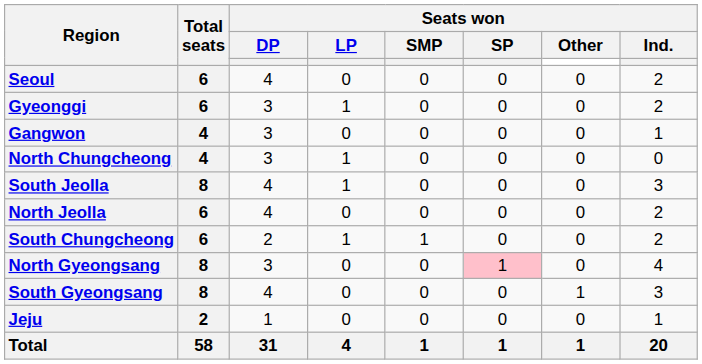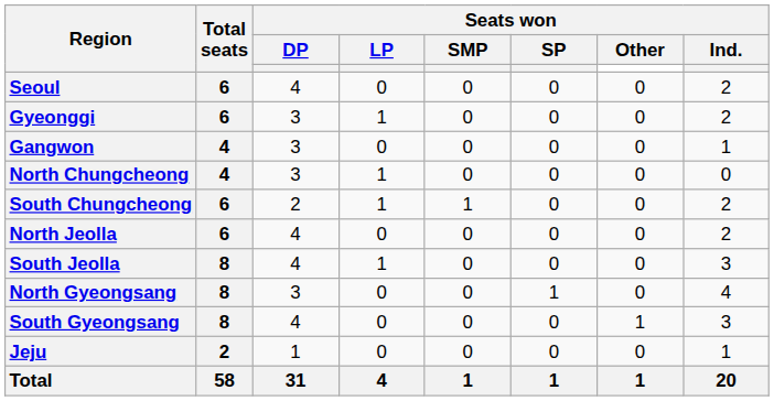 <table class="wikitable" style="text-align:center; font-size: 0.9em">
 <tr>
 <th rowspan="3">Region</th>
 <th rowspan="3">Total<br>seats</th>
 <th colspan="6">Seats won</th>
 </tr>
 <tr>
 <th class="unsortable" style="width:60px"><a href='#'>DP</a></th>
 <th class="unsortable" style="width:60px"><a href='#'>LP</a></th>
 <th class="unsortable" style="width:60px">SMP</th>
 <th class="unsortable" style="width:60px">SP</th>
 <th class="unsortable" style="width:60px">Other</th>
 <th class="unsortable" style="width:60px">Ind.</th>
 </tr>
 <tr>
 <th style="background:"></th>
 <th style="background:"></th>
 <th style="background:"></th>
 <th style="background:"></th>
 <th style="background:white"></th>
 <th style="background:"></th>
 </tr>
 <tr>
 <th style="text-align: left"><a href='#'>Seoul</a></th>
 <th>6</th>
 <td>4</td>
 <td>0</td>
 <td>0</td>
 <td>0</td>
 <td>0</td>
 <td>2</td>
 </tr>
 <tr>
 <th style="text-align: left"><a href='#'>Gyeonggi</a></th>
 <th>6</th>
 <td>3</td>
 <td>1</td>
 <td>0</td>
 <td>0</td>
 <td>0</td>
 <td>2</td>
 </tr>
 <tr>
 <th style="text-align: left"><a href='#'>Gangwon</a></th>
 <th>4</th>
 <td>3</td>
 <td>0</td>
 <td>0</td>
 <td>0</td>
 <td>0</td>
 <td>1</td>
 </tr>
 <tr>
 <th style="text-align: left"><a href='#'>North Chungcheong</a></th>
 <th>4</th>
 <td>3</td>
 <td>1</td>
 <td>0</td>
 <td>0</td>
 <td>0</td>
 <td>0</td>
 </tr>
 <tr>
-<th style="text-align: left"><a href='#'>South Jeolla</a></th>
-<th>8</th>
-<td>4</td>
+<th style="text-align: left"><a href='#'>South Chungcheong</a></th>
+<th>6</th>
+<td>2</td>
+<td>1</td>
 <td>1</td>
 <td>0</td>
 <td>0</td>
-<td>0</td>
-<td>3</td>
+<td>2</td>
 </tr>
 <tr>
 <th style="text-align: left"><a href='#'>North Jeolla</a></th>
 <th>6</th>
 <td>4</td>
 <td>0</td>
 <td>0</td>
 <td>0</td>
 <td>0</td>
 <td>2</td>
 </tr>
 <tr>
-<th style="text-align: left"><a href='#'>South Chungcheong</a></th>
-<th>6</th>
-<td>2</td>
-<td>1</td>
+<th style="text-align: left"><a href='#'>South Jeolla</a></th>
+<th>8</th>
+<td>4</td>
 <td>1</td>
 <td>0</td>
 <td>0</td>
-<td>2</td>
+<td>0</td>
+<td>3</td>
 </tr>
 <tr>
 <th style="text-align: left"><a href='#'>North Gyeongsang</a></th>
 <th>8</th>
 <td>3</td>
 <td>0</td>
 <td>0</td>
-<td style="background: pink;">1</td>
+<td>1</td>
 <td>0</td>
 <td>4</td>
 </tr>
 <tr>
 <th style="text-align: left"><a href='#'>South Gyeongsang</a></th>
 <th>8</th>
 <td>4</td>
 <td>0</td>
 <td>0</td>
 <td>0</td>
 <td>1</td>
 <td>3</td>
 </tr>
 <tr>
 <th style="text-align: left"><a href='#'>Jeju</a></th>
 <th>2</th>
 <td>1</td>
 <td>0</td>
 <td>0</td>
 <td>0</td>
 <td>0</td>
 <td>1</td>
 </tr>
 <tr class="sortbottom">
 <th style="text-align: left">Total</th>
 <th>58</th>
 <th>31</th>
 <th>4</th>
 <th>1</th>
 <th>1</th>
 <th>1</th>
 <th>20</th>
 </tr>
 </table>
